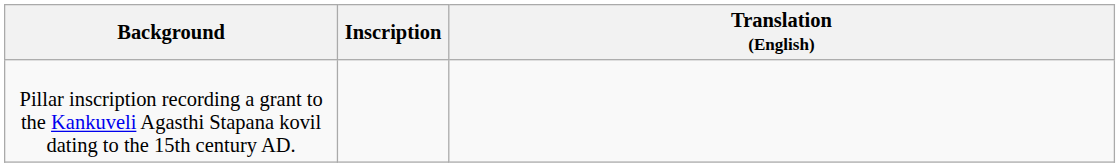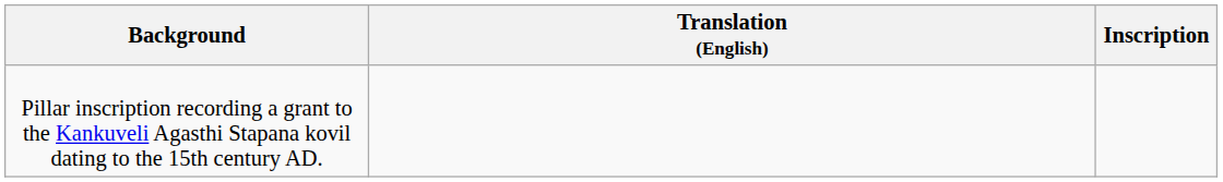 <table class="wikitable centre">
 <tr>
 <th scope="col" align=left>Background<br></th>
+<th>Translation<br><small>(English)</small></th>
 <th>Inscription<br></th>
-<th>Translation<br><small>(English)</small></th>
 </tr>
 <tr>
 <td align=center width="30%"><br>Pillar inscription recording a grant to the <a href='#'>Kankuveli</a> Agasthi Stapana kovil dating to the 15th century AD.</td>
+<td align=left></td>
 <td align=center width="10%"></td>
-<td align=left></td>
 </tr>
 </table>
